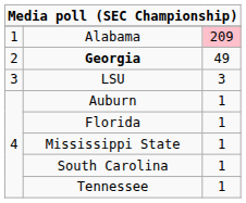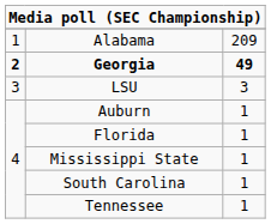 <table class="wikitable">
 <tr align="center">
 <td align="center" Colspan="3"><strong>Media poll (SEC Championship)</strong></td>
 </tr>
 <tr align="center">
 </tr>
 <tr align="center">
 <td>1</td>
 <td>Alabama</td>
-<td style="background: pink;">209</td>
+<td>209</td>
 </tr>
 <tr align="center">
-<td>2</td>
+<td><strong>2</strong></td>
 <td><strong>Georgia</strong></td>
-<td>49</td>
+<td><strong>49</strong></td>
 </tr>
 <tr align="center">
 <td>3</td>
 <td>LSU</td>
 <td>3</td>
 </tr>
 <tr align="center">
 <td rowspan="5">4</td>
 <td>Auburn</td>
 <td>1</td>
 </tr>
 <tr align="center">
 <td>Florida</td>
 <td>1</td>
 </tr>
 <tr align="center">
 <td>Mississippi State</td>
 <td>1</td>
 </tr>
 <tr align="center">
 <td>South Carolina</td>
 <td>1</td>
 </tr>
 <tr align="center">
 <td>Tennessee</td>
 <td>1</td>
 </tr>
 </table>
